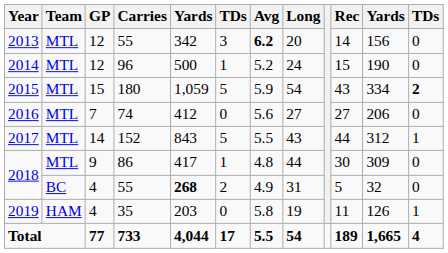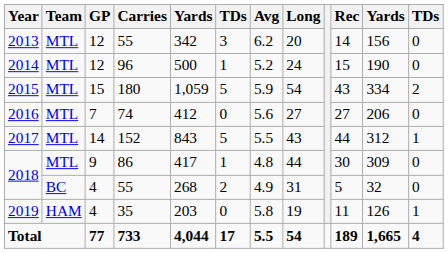 <table class="wikitable">
 <tr>
 <th>Year</th>
 <th>Team</th>
 <th>GP</th>
 <th>Carries</th>
 <th>Yards</th>
 <th>TDs</th>
 <th>Avg</th>
 <th>Long</th>
 <th rowspan="9"></th>
 <th>Rec</th>
 <th>Yards</th>
 <th>TDs</th>
 </tr>
 <tr>
 <td><a href='#'>2013</a></td>
 <td><a href='#'>MTL</a></td>
 <td>12</td>
 <td>55</td>
 <td>342</td>
 <td>3</td>
-<td><strong>6.2</strong></td>
+<td>6.2</td>
 <td>20</td>
 <td>14</td>
 <td>156</td>
 <td>0</td>
 </tr>
 <tr>
 <td><a href='#'>2014</a></td>
 <td><a href='#'>MTL</a></td>
 <td>12</td>
 <td>96</td>
 <td>500</td>
 <td>1</td>
 <td>5.2</td>
 <td>24</td>
 <td>15</td>
 <td>190</td>
 <td>0</td>
 </tr>
 <tr>
 <td><a href='#'>2015</a></td>
 <td><a href='#'>MTL</a></td>
 <td>15</td>
 <td>180</td>
 <td>1,059</td>
 <td>5</td>
 <td>5.9</td>
 <td>54</td>
 <td>43</td>
 <td>334</td>
-<td><strong>2</strong></td>
+<td>2</td>
 </tr>
 <tr>
 <td><a href='#'>2016</a></td>
 <td><a href='#'>MTL</a></td>
 <td>7</td>
 <td>74</td>
 <td>412</td>
 <td>0</td>
 <td>5.6</td>
 <td>27</td>
 <td>27</td>
 <td>206</td>
 <td>0</td>
 </tr>
 <tr>
 <td><a href='#'>2017</a></td>
 <td><a href='#'>MTL</a></td>
 <td>14</td>
 <td>152</td>
 <td>843</td>
 <td>5</td>
 <td>5.5</td>
 <td>43</td>
 <td>44</td>
 <td>312</td>
 <td>1</td>
 </tr>
 <tr>
 <td rowspan="2"><a href='#'>2018</a></td>
 <td><a href='#'>MTL</a></td>
 <td>9</td>
 <td>86</td>
 <td>417</td>
 <td>1</td>
 <td>4.8</td>
 <td>44</td>
 <td>30</td>
 <td>309</td>
 <td>0</td>
 </tr>
 <tr>
 <td><a href='#'>BC</a></td>
 <td>4</td>
 <td>55</td>
-<td><strong>268</strong></td>
+<td>268</td>
 <td>2</td>
 <td>4.9</td>
 <td>31</td>
 <td>5</td>
 <td>32</td>
 <td>0</td>
 </tr>
 <tr>
 <td><a href='#'>2019</a></td>
 <td><a href='#'>HAM</a></td>
 <td>4</td>
 <td>35</td>
 <td>203</td>
 <td>0</td>
 <td>5.8</td>
 <td>19</td>
 <td>11</td>
 <td>126</td>
 <td>1</td>
 </tr>
 <tr>
 <td colspan="2"><strong>Total</strong></td>
 <td><strong>77</strong></td>
 <td><strong>733</strong></td>
 <td><strong>4,044</strong></td>
 <td><strong>17</strong></td>
 <td><strong>5.5</strong></td>
 <td><strong>54</strong></td>
 <td></td>
 <td><strong>189</strong></td>
 <td><strong>1,665</strong></td>
 <td><strong>4</strong></td>
 </tr>
 </table>
